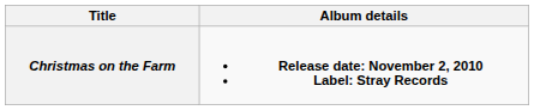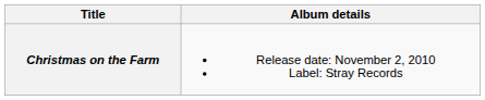 <table class="wikitable plainrowheaders" style="text-align:center;">
 <tr>
 <th style="width:14em;">Title</th>
 <th style="width:24em;">Album details</th>
 </tr>
 <tr>
 <th scope="row"><em>Christmas on the Farm</em></th>
-<td><strong><br><ul><li>Release date: November 2, 2010</li><li>Label: Stray Records</li></ul></strong></td>
+<td><br><ul><li>Release date: November 2, 2010</li><li>Label: Stray Records</li></ul></td>
 </tr>
 </table>
